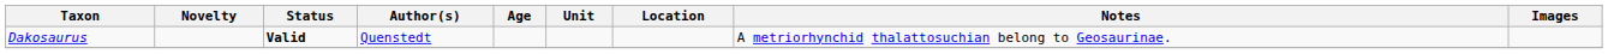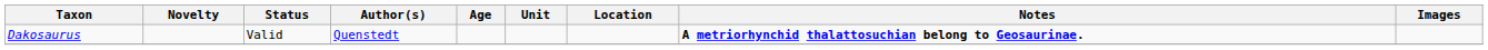 <table class="wikitable sortable" align="center" width="100%">
 <tr>
 <th>Taxon</th>
 <th>Novelty</th>
 <th>Status</th>
 <th>Author(s)</th>
 <th>Age</th>
 <th>Unit</th>
 <th>Location</th>
 <th>Notes</th>
 <th>Images</th>
 </tr>
 <tr>
 <td><em><a href='#'>Dakosaurus</a></em></td>
 <td></td>
-<td><strong>Valid</strong></td>
+<td>Valid</td>
 <td><a href='#'>Quenstedt</a></td>
 <td></td>
 <td></td>
 <td></td>
-<td>A <a href='#'>metriorhynchid</a> <a href='#'>thalattosuchian</a> belong to <a href='#'>Geosaurinae</a>.</td>
+<td><strong>A <a href='#'>metriorhynchid</a> <a href='#'>thalattosuchian</a> belong to <a href='#'>Geosaurinae</a>.</strong></td>
 <td></td>
 </tr>
 <tr>
 </tr>
 </table>
